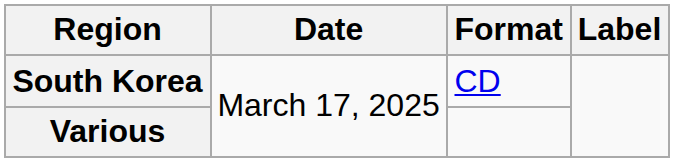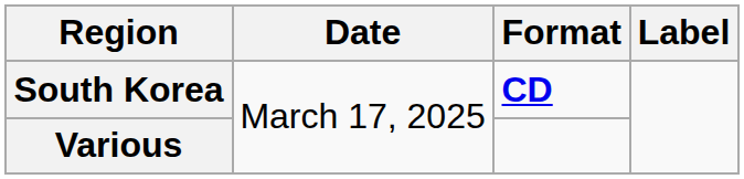 <table class="wikitable plainrowheaders">
 <tr>
 <th scope="col">Region</th>
 <th scope="col">Date</th>
 <th scope="col">Format</th>
 <th scope="col">Label</th>
 </tr>
 <tr>
 <th scope="row">South Korea</th>
 <td rowspan="2">March 17, 2025</td>
-<td><a href='#'>CD</a></td>
+<td><strong><a href='#'>CD</a></strong></td>
 <td rowspan="2"></td>
 </tr>
 <tr>
 <th scope="row">Various </th>
 <td></td>
 </tr>
 </table>
